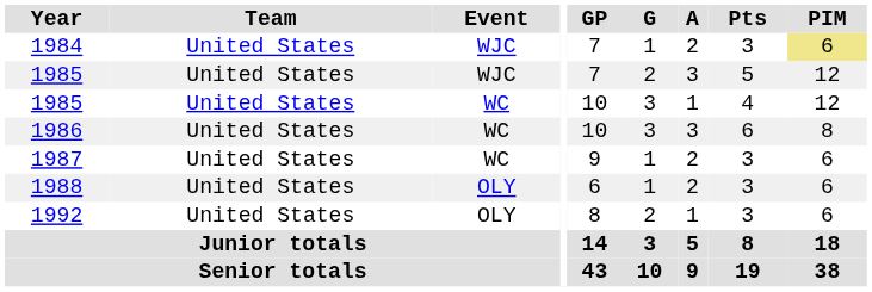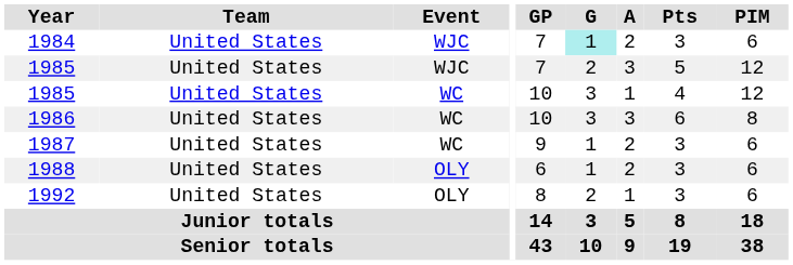 <table border="0" cellpadding="1" cellspacing="0" ID="Table3" style="text-align:center; width:40em">
 <tr bgcolor="#e0e0e0">
 <th>Year</th>
 <th>Team</th>
 <th>Event</th>
 <th rowspan="102" bgcolor="#ffffff"></th>
 <th>GP</th>
 <th>G</th>
 <th>A</th>
 <th>Pts</th>
 <th>PIM</th>
 </tr>
 <tr>
 <td><a href='#'>1984</a></td>
 <td><a href='#'>United States</a></td>
 <td><a href='#'>WJC</a></td>
 <td>7</td>
-<td>1</td>
+<td style="background: paleturquoise;">1</td>
 <td>2</td>
 <td>3</td>
-<td style="background: khaki;">6</td>
+<td>6</td>
 </tr>
 <tr bgcolor="#f0f0f0">
 <td><a href='#'>1985</a></td>
 <td>United States</td>
 <td>WJC</td>
 <td>7</td>
 <td>2</td>
 <td>3</td>
 <td>5</td>
 <td>12</td>
 </tr>
 <tr>
 <td><a href='#'>1985</a></td>
 <td><a href='#'>United States</a></td>
 <td><a href='#'>WC</a></td>
 <td>10</td>
 <td>3</td>
 <td>1</td>
 <td>4</td>
 <td>12</td>
 </tr>
 <tr bgcolor="#f0f0f0">
 <td><a href='#'>1986</a></td>
 <td>United States</td>
 <td>WC</td>
 <td>10</td>
 <td>3</td>
 <td>3</td>
 <td>6</td>
 <td>8</td>
 </tr>
 <tr>
 <td><a href='#'>1987</a></td>
 <td>United States</td>
 <td>WC</td>
 <td>9</td>
 <td>1</td>
 <td>2</td>
 <td>3</td>
 <td>6</td>
 </tr>
 <tr bgcolor="#f0f0f0">
 <td><a href='#'>1988</a></td>
 <td>United States</td>
 <td><a href='#'>OLY</a></td>
 <td>6</td>
 <td>1</td>
 <td>2</td>
 <td>3</td>
 <td>6</td>
 </tr>
 <tr>
 <td><a href='#'>1992</a></td>
 <td>United States</td>
 <td>OLY</td>
 <td>8</td>
 <td>2</td>
 <td>1</td>
 <td>3</td>
 <td>6</td>
 </tr>
 <tr bgcolor="#e0e0e0">
 <th colspan="3">Junior totals</th>
 <th>14</th>
 <th>3</th>
 <th>5</th>
 <th>8</th>
 <th>18</th>
 </tr>
 <tr bgcolor="#e0e0e0">
 <th colspan="3">Senior totals</th>
 <th>43</th>
 <th>10</th>
 <th>9</th>
 <th>19</th>
 <th>38</th>
 </tr>
 </table>
